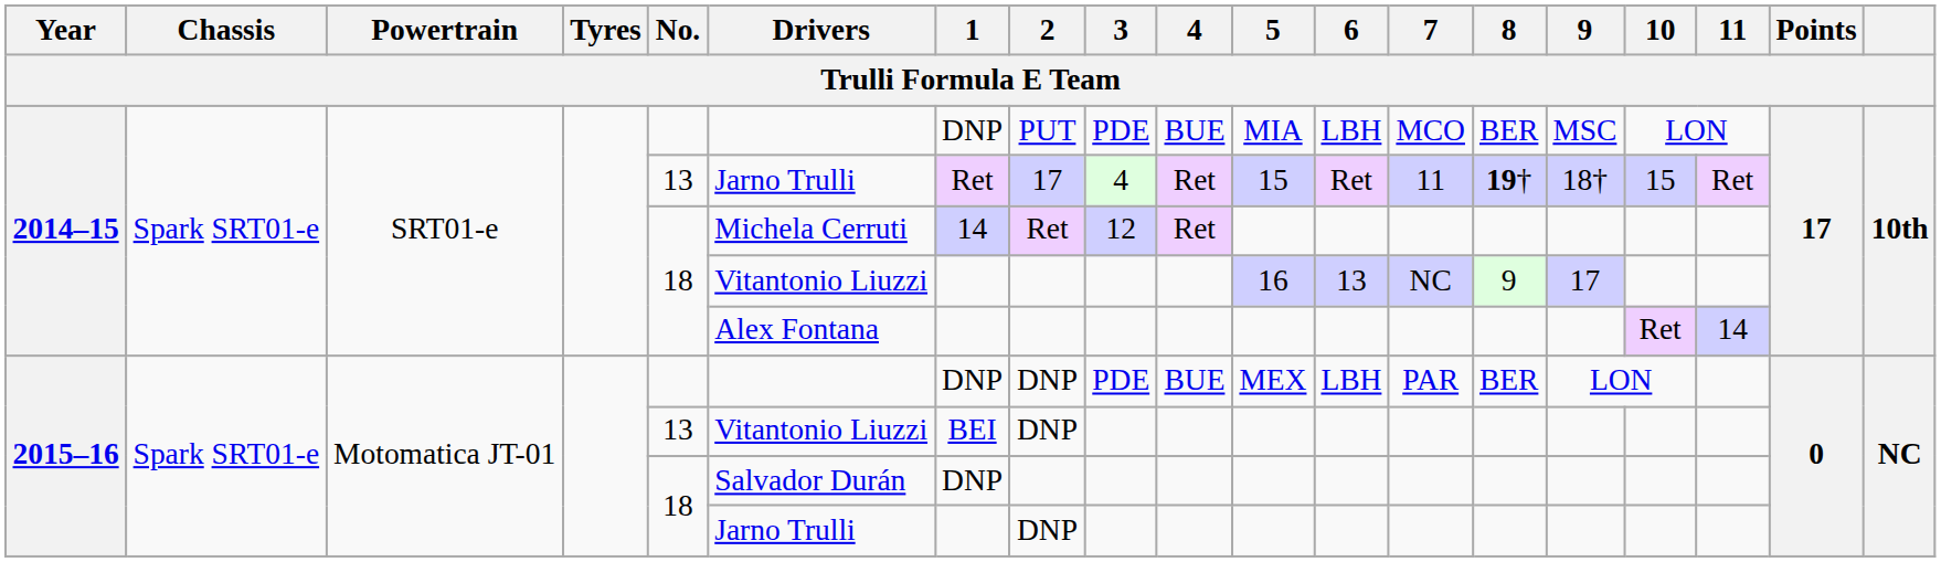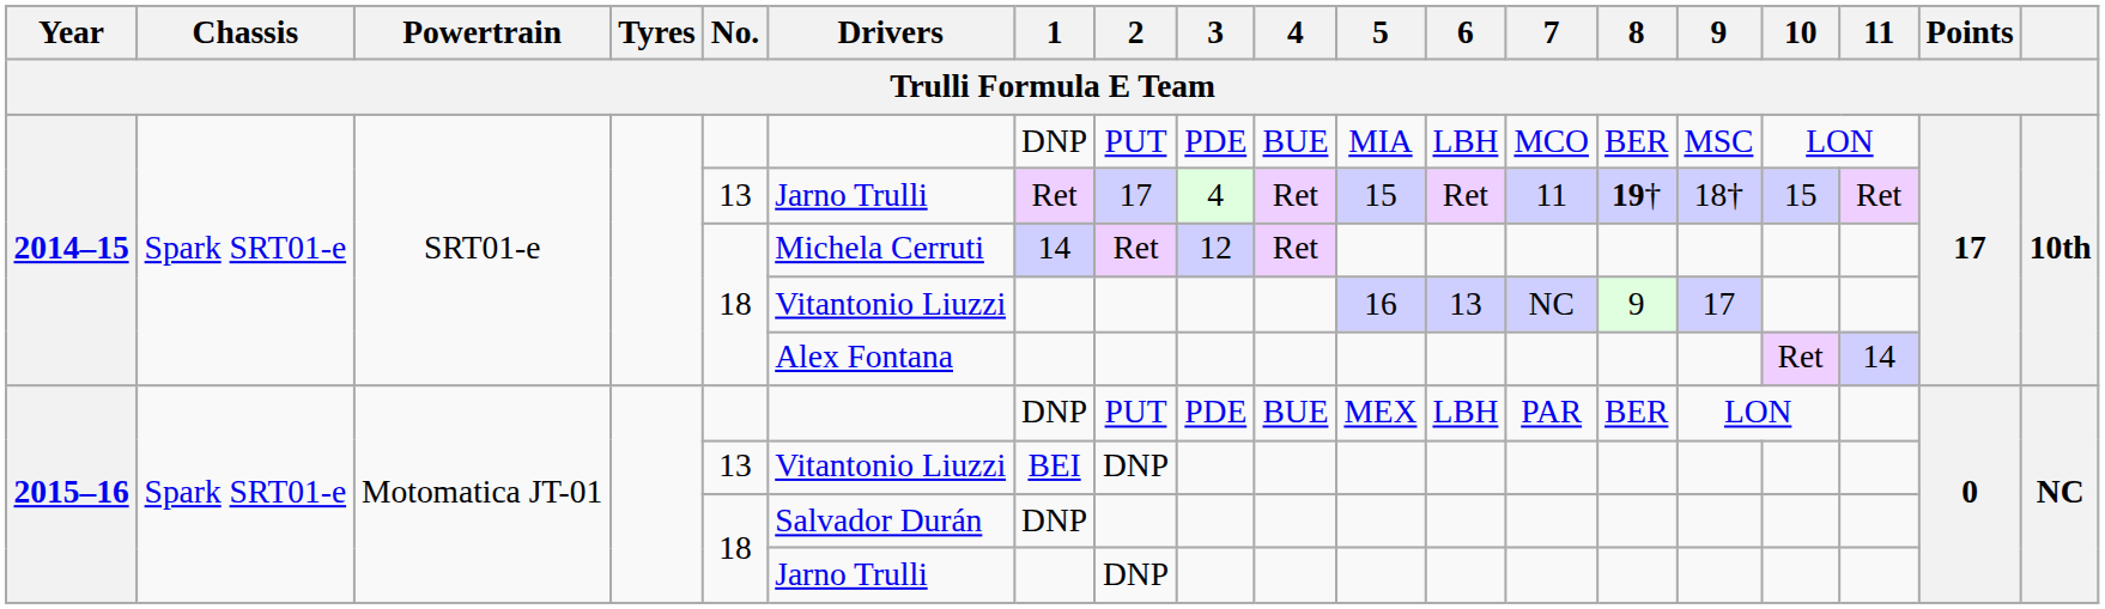 <table class="wikitable" style="font-size: 85%; text-align:center;">
 <tr valign="top">
 <th valign=middle>Year</th>
 <th valign=middle>Chassis</th>
 <th valign=middle>Powertrain</th>
 <th valign=middle>Tyres</th>
 <th valign=middle>No.</th>
 <th valign=middle>Drivers</th>
 <th style="width:26px;">1</th>
 <th style="width:26px;">2</th>
 <th style="width:26px;">3</th>
 <th style="width:26px;">4</th>
 <th style="width:26px;">5</th>
 <th style="width:26px;">6</th>
 <th style="width:26px;">7</th>
 <th style="width:26px;">8</th>
 <th style="width:26px;">9</th>
 <th style="width:26px;">10</th>
 <th style="width:26px;">11</th>
 <th valign=middle>Points</th>
 <th></th>
 </tr>
 <tr>
 <th colspan=19>Trulli Formula E Team</th>
 </tr>
 <tr>
 <th rowspan=5><a href='#'>2014–15</a></th>
 <td rowspan=5><a href='#'>Spark</a> <a href='#'>SRT01-e</a></td>
 <td rowspan=5>SRT01-e</td>
 <td rowspan=5></td>
 <td></td>
 <td></td>
 <td>DNP</td>
 <td><a href='#'>PUT</a></td>
 <td><a href='#'>PDE</a></td>
 <td><a href='#'>BUE</a></td>
 <td><a href='#'>MIA</a></td>
 <td><a href='#'>LBH</a></td>
 <td><a href='#'>MCO</a></td>
 <td><a href='#'>BER</a></td>
 <td><a href='#'>MSC</a></td>
 <td colspan=2><a href='#'>LON</a></td>
 <th rowspan=5>17</th>
 <th rowspan=5>10th</th>
 </tr>
 <tr>
 <td>13</td>
 <td align=left> <a href='#'>Jarno Trulli</a></td>
 <td style="background:#EFCFFF;">Ret</td>
 <td style="background:#CFCFFF;">17</td>
 <td style="background:#DFFFDF;">4</td>
 <td style="background:#EFCFFF;">Ret</td>
 <td style="background:#CFCFFF;">15</td>
 <td style="background:#EFCFFF;">Ret</td>
 <td style="background:#CFCFFF;">11</td>
 <td style="background:#CFCFFF;"><strong>19</strong>†</td>
 <td style="background:#CFCFFF;">18†</td>
 <td style="background:#CFCFFF;">15</td>
 <td style="background:#EFCFFF;">Ret</td>
 </tr>
 <tr>
 <td rowspan=3>18</td>
 <td align=left> <a href='#'>Michela Cerruti</a></td>
 <td style="background:#CFCFFF;">14</td>
 <td style="background:#EFCFFF;">Ret</td>
 <td style="background:#CFCFFF;">12</td>
 <td style="background:#EFCFFF;">Ret</td>
 <td></td>
 <td></td>
 <td></td>
 <td></td>
 <td></td>
 <td></td>
 <td></td>
 </tr>
 <tr>
 <td align=left> <a href='#'>Vitantonio Liuzzi</a></td>
 <td></td>
 <td></td>
 <td></td>
 <td></td>
 <td style="background:#CFCFFF;">16</td>
 <td style="background:#CFCFFF;">13</td>
 <td style="background:#CFCFFF;">NC</td>
 <td style="background:#DFFFDF;">9</td>
 <td style="background:#CFCFFF;">17</td>
 <td></td>
 <td></td>
 </tr>
 <tr>
 <td align=left> <a href='#'>Alex Fontana</a></td>
 <td></td>
 <td></td>
 <td></td>
 <td></td>
 <td></td>
 <td></td>
 <td></td>
 <td></td>
 <td></td>
 <td style="background:#EFCFFF;">Ret</td>
 <td style="background:#CFCFFF;">14</td>
 </tr>
 <tr>
 <th rowspan=4><a href='#'>2015–16</a></th>
 <td rowspan=4><a href='#'>Spark</a> <a href='#'>SRT01-e</a></td>
 <td rowspan=4>Motomatica JT-01</td>
 <td rowspan=4></td>
 <td></td>
 <td></td>
 <td>DNP</td>
-<td>DNP</td>
+<td><a href='#'>PUT</a></td>
 <td><a href='#'>PDE</a></td>
 <td><a href='#'>BUE</a></td>
 <td><a href='#'>MEX</a></td>
 <td><a href='#'>LBH</a></td>
 <td><a href='#'>PAR</a></td>
 <td><a href='#'>BER</a></td>
 <td colspan=2><a href='#'>LON</a></td>
 <td></td>
 <th rowspan=4>0</th>
 <th rowspan=4>NC</th>
 </tr>
 <tr>
 <td>13</td>
 <td align=left> <a href='#'>Vitantonio Liuzzi</a></td>
 <td><a href='#'>BEI</a></td>
 <td>DNP</td>
 <td></td>
 <td></td>
 <td></td>
 <td></td>
 <td></td>
 <td></td>
 <td></td>
 <td></td>
 <td></td>
 </tr>
 <tr>
 <td rowspan=2>18</td>
 <td align=left> <a href='#'>Salvador Durán</a></td>
 <td>DNP</td>
 <td></td>
 <td></td>
 <td></td>
 <td></td>
 <td></td>
 <td></td>
 <td></td>
 <td></td>
 <td></td>
 <td></td>
 </tr>
 <tr>
 <td align=left> <a href='#'>Jarno Trulli</a></td>
 <td></td>
 <td>DNP</td>
 <td></td>
 <td></td>
 <td></td>
 <td></td>
 <td></td>
 <td></td>
 <td></td>
 <td></td>
 <td></td>
 </tr>
 </table>
